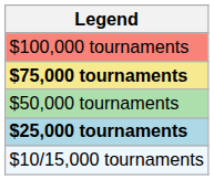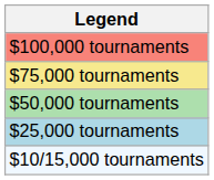 <table class=wikitable style="font-size:85%">
 <tr>
 <th>Legend</th>
 </tr>
 <tr style="background:#f88379;">
 <td>$100,000 tournaments</td>
 </tr>
 <tr style="background:#f7e98e;">
-<td><strong>$75,000 tournaments</strong></td>
+<td>$75,000 tournaments</td>
 </tr>
 <tr style="background:#addfad;">
 <td>$50,000 tournaments</td>
 </tr>
 <tr style="background:lightblue;">
-<td><strong>$25,000 tournaments</strong></td>
+<td>$25,000 tournaments</td>
 </tr>
 <tr style="background:#f0f8ff;">
 <td>$10/15,000 tournaments</td>
 </tr>
 </table>
